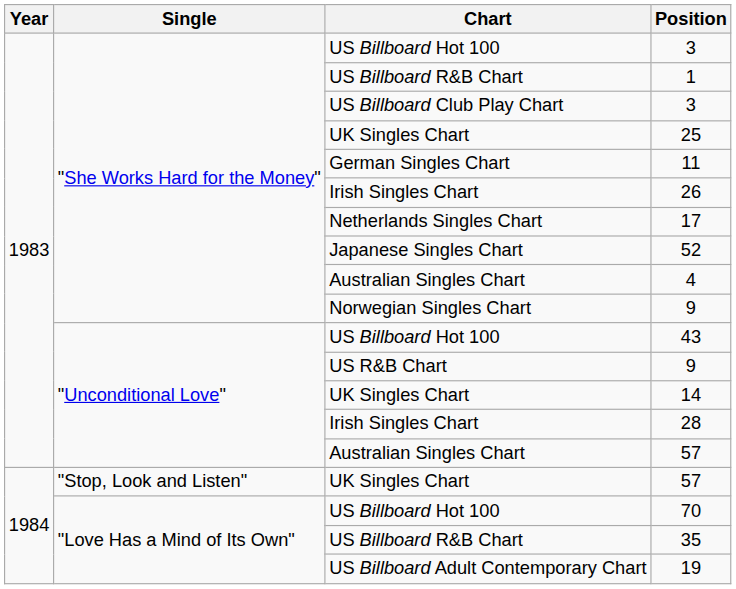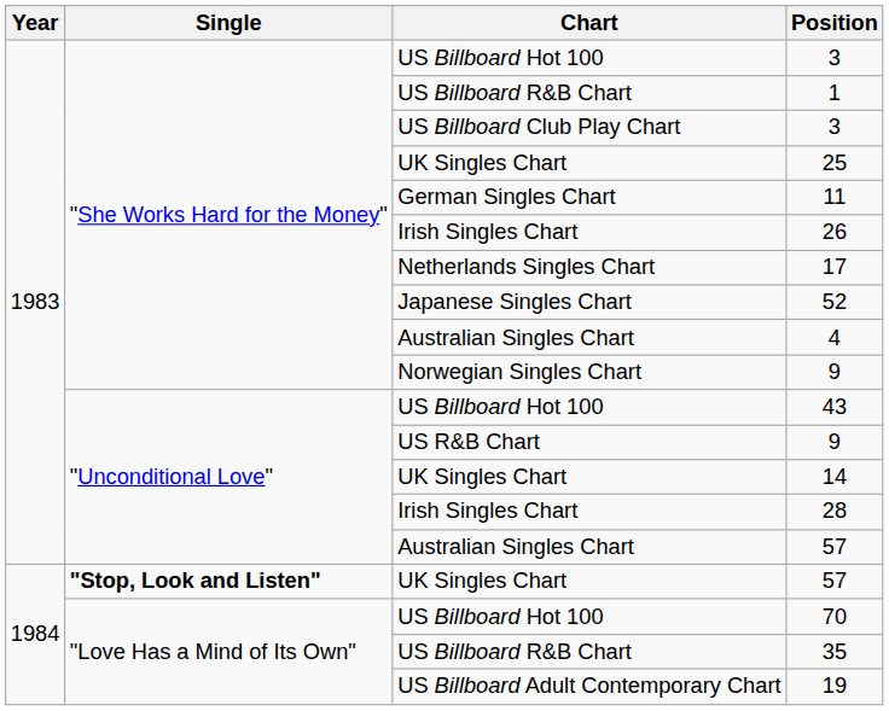 <table class="wikitable sortable">
 <tr>
 <th>Year</th>
 <th>Single</th>
 <th>Chart</th>
 <th>Position</th>
 </tr>
 <tr>
 <td rowspan="15">1983</td>
 <td rowspan="10">"<a href='#'>She Works Hard for the Money</a>"</td>
 <td>US <em>Billboard</em> Hot 100</td>
 <td align="center">3</td>
 </tr>
 <tr>
 <td>US <em>Billboard</em> R&B Chart</td>
 <td align="center">1</td>
 </tr>
 <tr>
 <td>US <em>Billboard</em> Club Play Chart</td>
 <td align="center">3</td>
 </tr>
 <tr>
 <td>UK Singles Chart</td>
 <td align="center">25</td>
 </tr>
 <tr>
 <td>German Singles Chart</td>
 <td align="center">11</td>
 </tr>
 <tr>
 <td>Irish Singles Chart</td>
 <td align="center">26</td>
 </tr>
 <tr>
 <td>Netherlands Singles Chart</td>
 <td align="center">17</td>
 </tr>
 <tr>
 <td>Japanese Singles Chart</td>
 <td align="center">52</td>
 </tr>
 <tr>
 <td>Australian Singles Chart</td>
 <td align="center">4</td>
 </tr>
 <tr>
 <td>Norwegian Singles Chart</td>
 <td align="center">9</td>
 </tr>
 <tr>
 <td rowspan="5">"<a href='#'>Unconditional Love</a>"</td>
 <td>US <em>Billboard</em> Hot 100</td>
 <td align="center">43</td>
 </tr>
 <tr>
 <td>US R&B Chart</td>
 <td align="center">9</td>
 </tr>
 <tr>
 <td>UK Singles Chart</td>
 <td align="center">14</td>
 </tr>
 <tr>
 <td>Irish Singles Chart</td>
 <td align="center">28</td>
 </tr>
 <tr>
 <td>Australian Singles Chart</td>
 <td align="center">57</td>
 </tr>
 <tr>
 <td rowspan="4">1984</td>
-<td>"Stop, Look and Listen"</td>
+<td><strong>"Stop, Look and Listen"</strong></td>
 <td>UK Singles Chart</td>
 <td align="center">57</td>
 </tr>
 <tr>
 <td rowspan="3">"Love Has a Mind of Its Own"</td>
 <td>US <em>Billboard</em> Hot 100</td>
 <td align="center">70</td>
 </tr>
 <tr>
 <td>US <em>Billboard</em> R&B Chart</td>
 <td align="center">35</td>
 </tr>
 <tr>
 <td>US <em>Billboard</em> Adult Contemporary Chart</td>
 <td align="center">19</td>
 </tr>
 </table>
